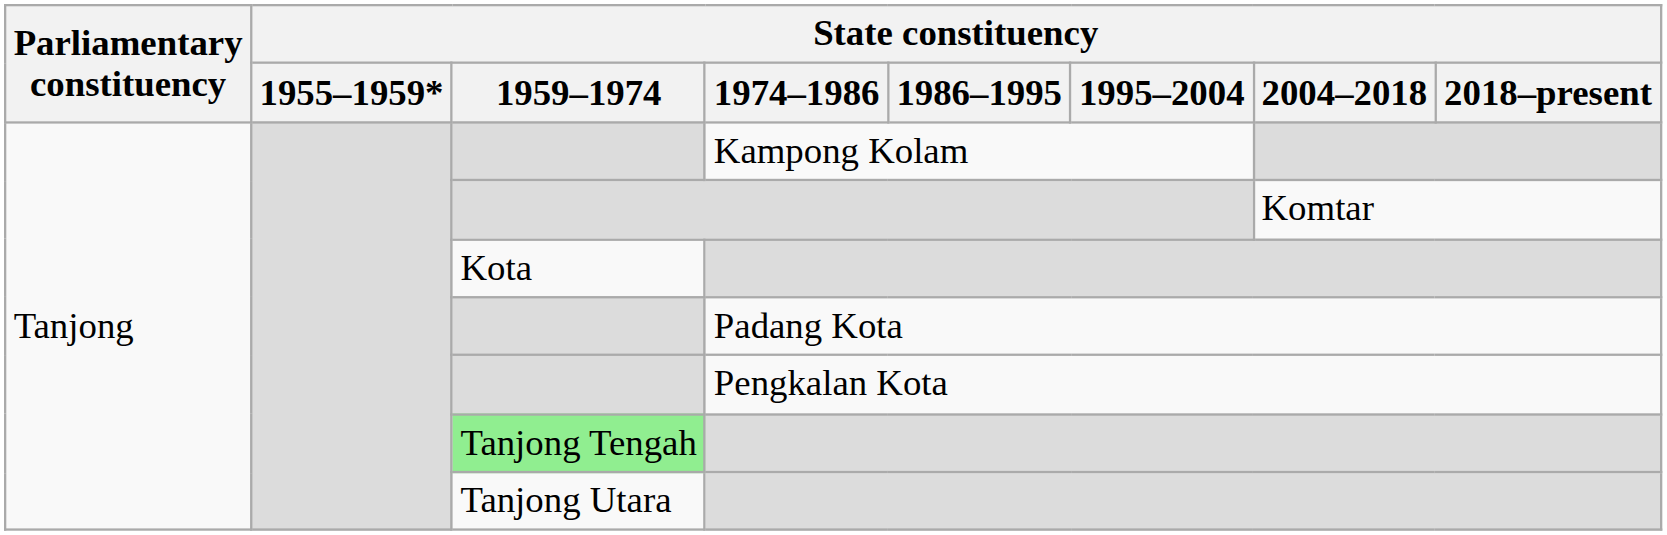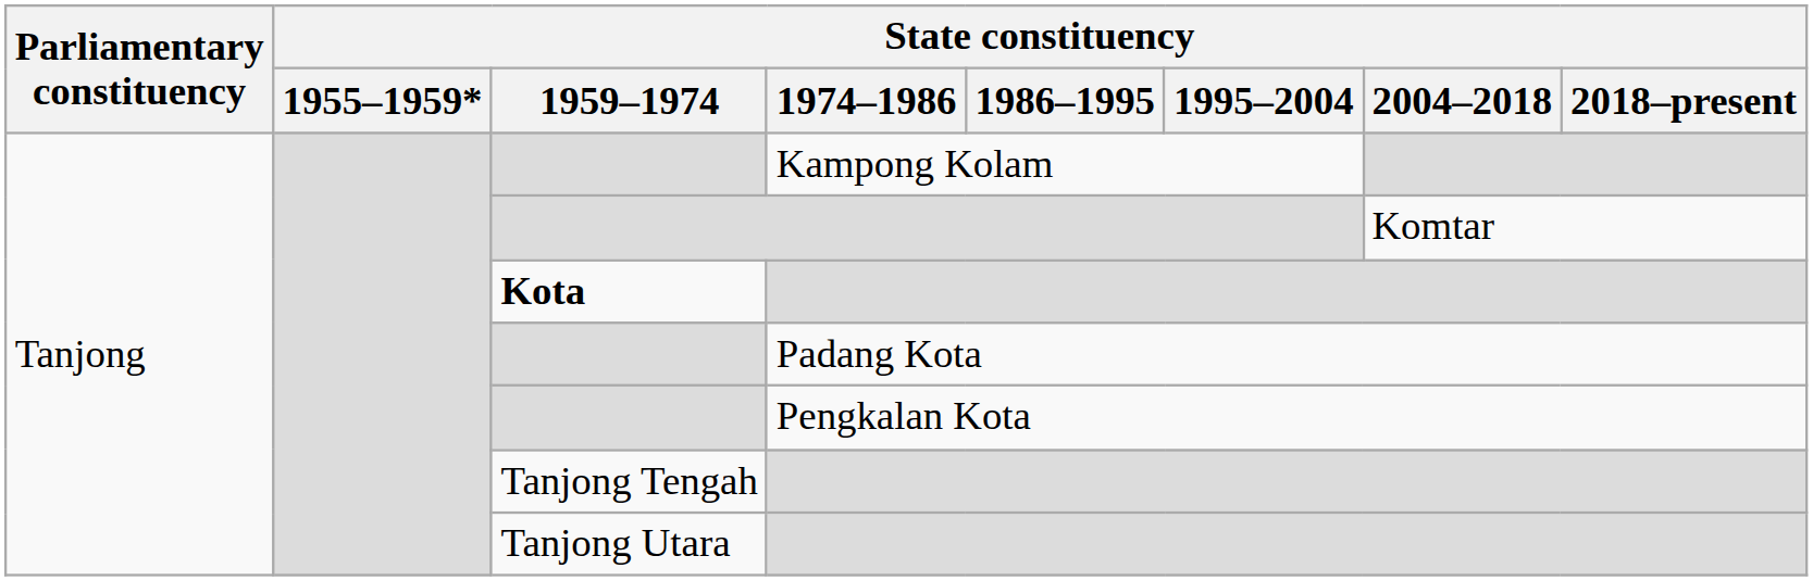 <table class="wikitable">
 <tr>
 <th rowspan="2">Parliamentary<br>constituency</th>
 <th colspan="7">State constituency</th>
 </tr>
 <tr>
 <th>1955–1959*</th>
 <th>1959–1974</th>
 <th>1974–1986</th>
 <th>1986–1995</th>
 <th>1995–2004</th>
 <th>2004–2018</th>
 <th>2018–present</th>
 </tr>
 <tr>
 <td rowspan="7">Tanjong</td>
 <td rowspan="7" bgcolor="dcdcdc"></td>
 <td bgcolor="dcdcdc"></td>
 <td colspan="3">Kampong Kolam</td>
 <td colspan="2" bgcolor="dcdcdc"></td>
 </tr>
 <tr>
 <td colspan="4" bgcolor="dcdcdc"></td>
 <td colspan="2">Komtar</td>
 </tr>
 <tr>
-<td>Kota</td>
+<td><strong>Kota</strong></td>
 <td colspan="5" bgcolor="dcdcdc"></td>
 </tr>
 <tr>
 <td bgcolor="dcdcdc"></td>
 <td colspan="5">Padang Kota</td>
 </tr>
 <tr>
 <td bgcolor="dcdcdc"></td>
 <td colspan="5">Pengkalan Kota</td>
 </tr>
 <tr>
-<td style="background: lightgreen;">Tanjong Tengah</td>
+<td>Tanjong Tengah</td>
 <td colspan="5" bgcolor="dcdcdc"></td>
 </tr>
 <tr>
 <td>Tanjong Utara</td>
 <td colspan="5" bgcolor="dcdcdc"></td>
 </tr>
 </table>
